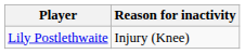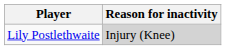 <table class="wikitable plainrowheaders">
 <tr>
 <th scope="col"><strong>Player</strong></th>
 <th scope="col"><strong>Reason for inactivity</strong></th>
 </tr>
 <tr>
 <td><a href='#'>Lily Postlethwaite</a></td>
-<td>Injury (Knee)</td>
+<td style="background: lightgrey;">Injury (Knee)</td>
 </tr>
 </table>
